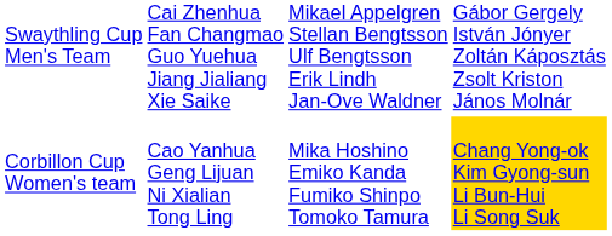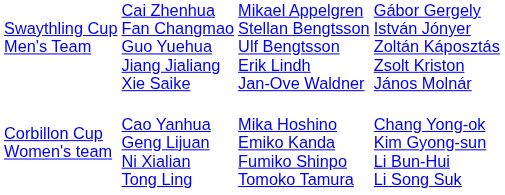 <table>
 <tr>
 <td><a href='#'>Swaythling Cup<br>Men's Team</a></td>
 <td><br><a href='#'>Cai Zhenhua</a><br><a href='#'>Fan Changmao</a><br><a href='#'>Guo Yuehua</a><br><a href='#'>Jiang Jialiang</a><br><a href='#'>Xie Saike</a></td>
 <td><br><a href='#'>Mikael Appelgren</a><br><a href='#'>Stellan Bengtsson</a><br><a href='#'>Ulf Bengtsson</a><br><a href='#'>Erik Lindh</a><br><a href='#'>Jan-Ove Waldner</a></td>
 <td><br><a href='#'>Gábor Gergely</a><br><a href='#'>István Jónyer</a><br><a href='#'>Zoltán Káposztás</a><br><a href='#'>Zsolt Kriston</a><br><a href='#'>János Molnár</a></td>
 </tr>
 <tr>
 <td><a href='#'>Corbillon Cup<br>Women's team</a></td>
 <td><br><a href='#'>Cao Yanhua</a><br><a href='#'>Geng Lijuan</a><br><a href='#'>Ni Xialian</a><br><a href='#'>Tong Ling</a></td>
 <td><br><a href='#'>Mika Hoshino</a><br><a href='#'>Emiko Kanda</a><br><a href='#'>Fumiko Shinpo</a><br><a href='#'>Tomoko Tamura</a></td>
-<td style="background: gold;"><br><a href='#'>Chang Yong-ok</a><br><a href='#'>Kim Gyong-sun</a><br><a href='#'>Li Bun-Hui</a><br><a href='#'>Li Song Suk</a></td>
+<td><br><a href='#'>Chang Yong-ok</a><br><a href='#'>Kim Gyong-sun</a><br><a href='#'>Li Bun-Hui</a><br><a href='#'>Li Song Suk</a></td>
 </tr>
 </table>
